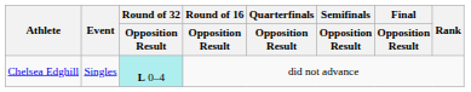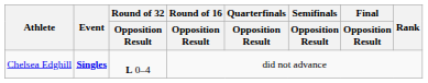 <table class="wikitable" style="font-size:90%">
 <tr>
 <th rowspan="2">Athlete</th>
 <th rowspan="2">Event</th>
 <th>Round of 32</th>
 <th>Round of 16</th>
 <th>Quarterfinals</th>
 <th>Semifinals</th>
 <th>Final</th>
 <th rowspan="2">Rank</th>
 </tr>
 <tr>
 <th>Opposition<br>Result</th>
 <th>Opposition<br>Result</th>
 <th>Opposition<br>Result</th>
 <th>Opposition<br>Result</th>
 <th>Opposition<br>Result</th>
 </tr>
 <tr align=center>
 <td align=left><a href='#'>Chelsea Edghill</a></td>
-<td align=left><a href='#'>Singles</a></td>
-<td style="background: paleturquoise;"><br><strong>L</strong> 0–4</td>
+<td align=left><strong><a href='#'>Singles</a></strong></td>
+<td><br><strong>L</strong> 0–4</td>
 <td colspan=5>did not advance</td>
 </tr>
 </table>
